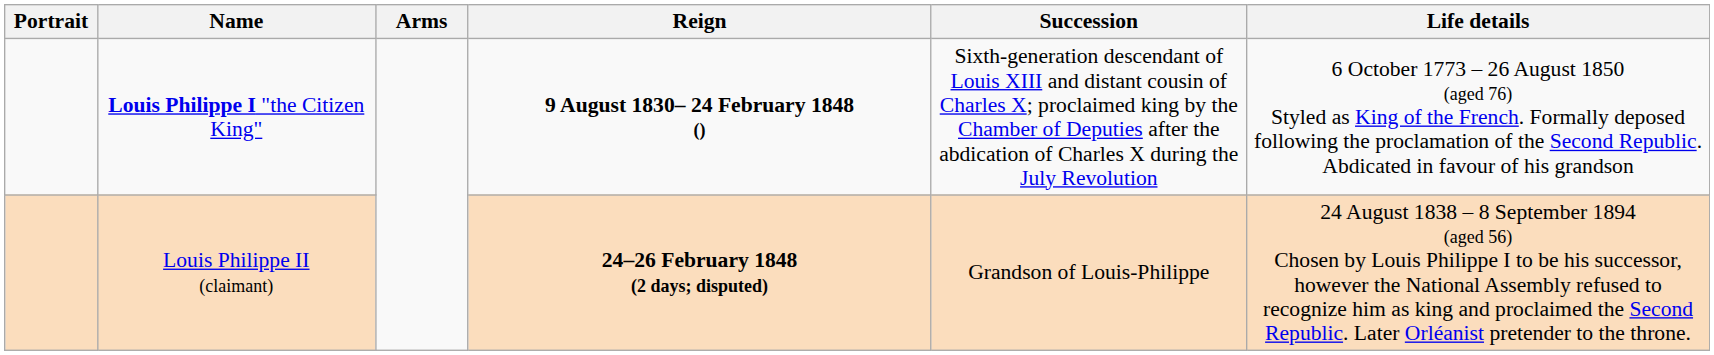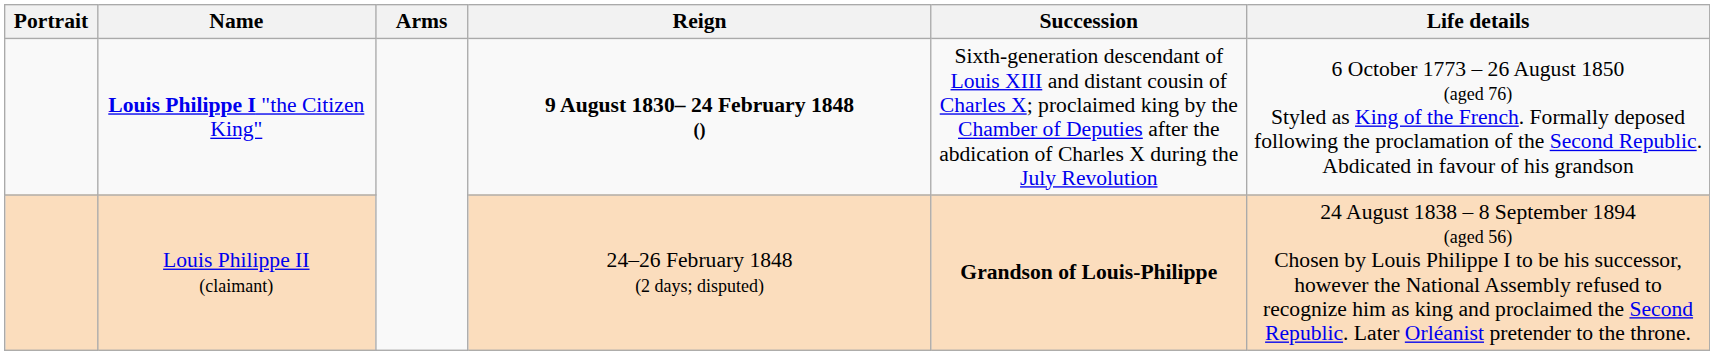 <table class="wikitable" style="text-align:center; width:100%;">
 <tr>
 <th width="5%">Portrait</th>
 <th width="15%">Name</th>
 <th width="5%">Arms</th>
 <th width="25%">Reign</th>
 <th width="17%">Succession</th>
 <th width="25%">Life details</th>
 </tr>
 <tr>
 <td></td>
 <td><a href='#'><strong>Louis Philippe I</strong> "the Citizen King"</a></td>
 <td rowspan="2"></td>
 <td><strong>9 August 1830– 24 February 1848<br><small>()</small></strong></td>
 <td>Sixth-generation descendant of <a href='#'>Louis XIII</a> and distant cousin of <a href='#'>Charles X</a>; proclaimed king by the <a href='#'>Chamber of Deputies</a> after the abdication of Charles X during the <a href='#'>July Revolution</a></td>
 <td>6 October 1773 – 26 August 1850<br><small>(aged 76)</small><br>Styled as <a href='#'>King of the French</a>. Formally deposed following the proclamation of the <a href='#'>Second Republic</a>. Abdicated in favour of his grandson</td>
 </tr>
 <tr>
 <td bgcolor="#FBDDBD"></td>
 <td bgcolor="#FBDDBD"><a href='#'>Louis Philippe II</a><br><small>(claimant)</small></td>
-<td bgcolor="#FBDDBD"><strong>24–26 February 1848<br><small>(2 days; disputed)</small></strong></td>
-<td bgcolor="#FBDDBD">Grandson of Louis-Philippe</td>
+<td bgcolor="#FBDDBD">24–26 February 1848<br><small>(2 days; disputed)</small></td>
+<td bgcolor="#FBDDBD"><strong>Grandson of Louis-Philippe</strong></td>
 <td bgcolor="#FBDDBD">24 August 1838 – 8 September 1894<br><small>(aged 56)</small><br>Chosen by Louis Philippe I to be his successor, however the National Assembly refused to recognize him as king and proclaimed the <a href='#'>Second Republic</a>. Later <a href='#'>Orléanist</a> pretender to the throne.</td>
 </tr>
 </table>
